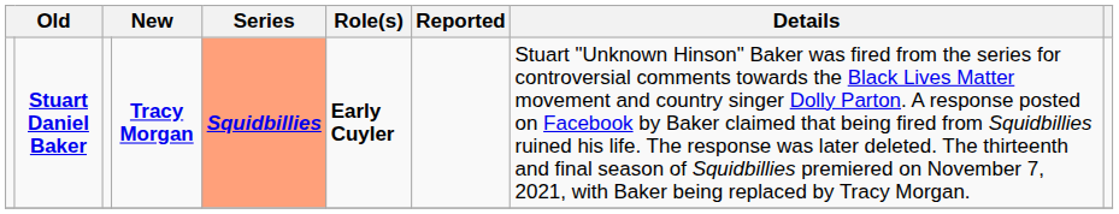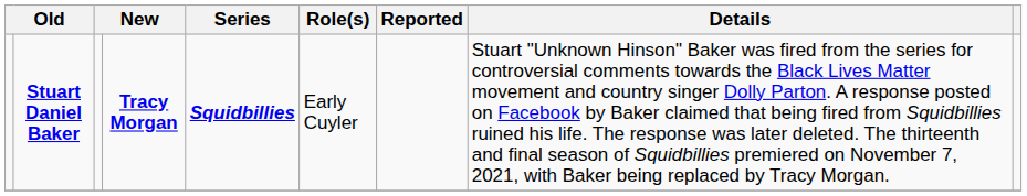 <table class="wikitable sortable" style="text-align:left">
 <tr>
 <th colspan="2">Old</th>
 <th colspan="2">New</th>
 <th>Series</th>
 <th>Role(s)</th>
 <th>Reported</th>
 <th>Details</th>
 <th class="unsortable"></th>
 </tr>
 <tr>
 <td></td>
 <td style="text-align: center; font-weight: bold"><a href='#'>Stuart Daniel Baker</a></td>
 <td></td>
 <td style="text-align: center; font-weight: bold"><a href='#'>Tracy Morgan</a></td>
-<td style="background: lightsalmon; text-align: center; font-weight: bold; font-style: italic"><a href='#'>Squidbillies</a></td>
-<td><strong>Early Cuyler</strong></td>
+<td style="text-align: center; font-weight: bold; font-style: italic"><a href='#'>Squidbillies</a></td>
+<td>Early Cuyler</td>
 <td></td>
 <td>Stuart "Unknown Hinson" Baker was fired from the series for controversial comments towards the <a href='#'>Black Lives Matter</a> movement and country singer <a href='#'>Dolly Parton</a>. A response posted on <a href='#'>Facebook</a> by Baker claimed that being fired from <em>Squidbillies</em> ruined his life. The response was later deleted. The thirteenth and final season of <em>Squidbillies</em> premiered on November 7, 2021, with Baker being replaced by Tracy Morgan.</td>
 <td></td>
 </tr>
 <tr>
 </tr>
 </table>
